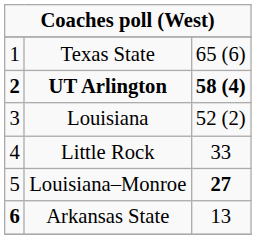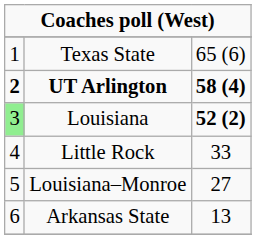 <table class="wikitable">
 <tr align="center">
 <td align="center" Colspan="3"><strong>Coaches poll (West)</strong></td>
 </tr>
 <tr align="center">
 </tr>
 <tr align="center">
 <td>1</td>
 <td>Texas State</td>
 <td>65 (6)</td>
 </tr>
 <tr align="center">
 <td><strong>2</strong></td>
 <td><strong>UT Arlington</strong></td>
 <td><strong>58 (4)</strong></td>
 </tr>
 <tr align="center">
-<td>3</td>
+<td style="background: lightgreen;">3</td>
 <td>Louisiana</td>
-<td>52 (2)</td>
+<td><strong>52 (2)</strong></td>
 </tr>
 <tr align="center">
 <td>4</td>
 <td>Little Rock</td>
 <td>33</td>
 </tr>
 <tr align="center">
 <td>5</td>
 <td>Louisiana–Monroe</td>
-<td><strong>27</strong></td>
+<td>27</td>
 </tr>
 <tr align="center">
-<td><strong>6</strong></td>
+<td>6</td>
 <td>Arkansas State</td>
 <td>13</td>
 </tr>
 <tr align="center">
 </tr>
 </table>
